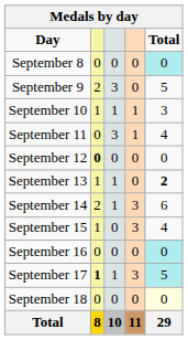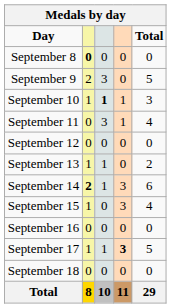 <table class="wikitable" style="font-size:85%; float:right">
 <tr align=center>
 <th colspan=7>Medals by day</th>
 </tr>
 <tr align=center>
 <td><strong>Day</strong></td>
 <td style="background:#f7f6a8;"></td>
 <td style="background:#dce5e5;"></td>
 <td style="background:#ffdab9;"></td>
 <td><strong>Total</strong></td>
 </tr>
 <tr align=center>
 <td>September 8</td>
-<td style="background:#f7f6a8;">0</td>
+<td style="background:#f7f6a8;"><strong>0</strong></td>
 <td style="background:#dce5e5;">0</td>
 <td style="background:#ffdab9;">0</td>
-<td style="background: paleturquoise;">0</td>
+<td>0</td>
 </tr>
 <tr align=center>
 <td>September 9</td>
 <td style="background:#f7f6a8;">2</td>
 <td style="background:#dce5e5;">3</td>
 <td style="background:#ffdab9;">0</td>
 <td>5</td>
 </tr>
 <tr align=center>
 <td>September 10</td>
 <td style="background:#f7f6a8;">1</td>
-<td style="background:#dce5e5;">1</td>
+<td style="background:#dce5e5;"><strong>1</strong></td>
 <td style="background:#ffdab9;">1</td>
 <td>3</td>
 </tr>
 <tr align=center>
 <td>September 11</td>
 <td style="background:#f7f6a8;">0</td>
 <td style="background:#dce5e5;">3</td>
 <td style="background:#ffdab9;">1</td>
 <td>4</td>
 </tr>
 <tr align=center>
 <td>September 12</td>
-<td style="background:#f7f6a8;"><strong>0</strong></td>
+<td style="background:#f7f6a8;">0</td>
 <td style="background:#dce5e5;">0</td>
 <td style="background:#ffdab9;">0</td>
 <td>0</td>
 </tr>
 <tr align=center>
 <td>September 13</td>
 <td style="background:#f7f6a8;">1</td>
 <td style="background:#dce5e5;">1</td>
 <td style="background:#ffdab9;">0</td>
-<td><strong>2</strong></td>
+<td>2</td>
 </tr>
 <tr align=center>
 <td>September 14</td>
-<td style="background:#f7f6a8;">2</td>
+<td style="background:#f7f6a8;"><strong>2</strong></td>
 <td style="background:#dce5e5;">1</td>
 <td style="background:#ffdab9;">3</td>
 <td>6</td>
 </tr>
 <tr align=center>
 <td>September 15</td>
 <td style="background:#f7f6a8;">1</td>
 <td style="background:#dce5e5;">0</td>
 <td style="background:#ffdab9;">3</td>
 <td>4</td>
 </tr>
 <tr align=center>
 <td>September 16</td>
 <td style="background:#f7f6a8;">0</td>
 <td style="background:#dce5e5;">0</td>
 <td style="background:#ffdab9;">0</td>
-<td style="background: paleturquoise;">0</td>
+<td>0</td>
 </tr>
 <tr align=center>
 <td>September 17</td>
-<td style="background:#f7f6a8;"><strong>1</strong></td>
+<td style="background:#f7f6a8;">1</td>
 <td style="background:#dce5e5;">1</td>
-<td style="background:#ffdab9;">3</td>
-<td style="background: paleturquoise;">5</td>
+<td style="background:#ffdab9;"><strong>3</strong></td>
+<td>5</td>
 </tr>
 <tr align=center>
 <td>September 18</td>
 <td style="background:#f7f6a8;">0</td>
 <td style="background:#dce5e5;">0</td>
 <td style="background:#ffdab9;">0</td>
-<td style="background: lightyellow;">0</td>
+<td>0</td>
 </tr>
 <tr align=center>
 <th>Total</th>
 <th style="background:gold;">8</th>
 <th style="background:silver;">10</th>
 <th style="background:#c96;">11</th>
 <th>29</th>
 </tr>
 </table>
